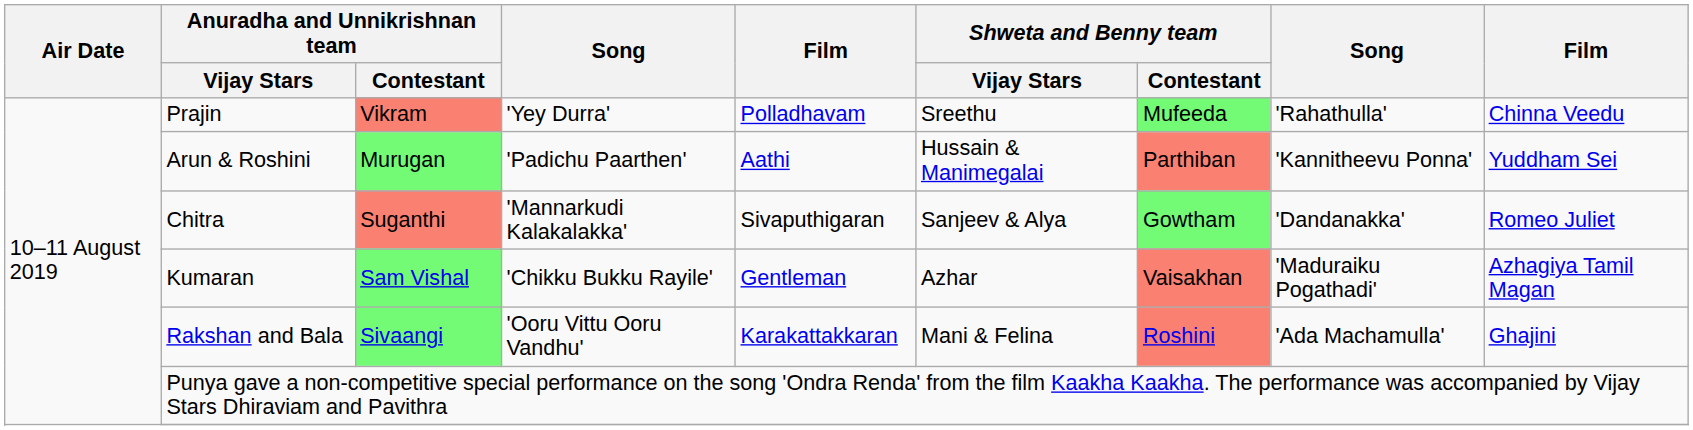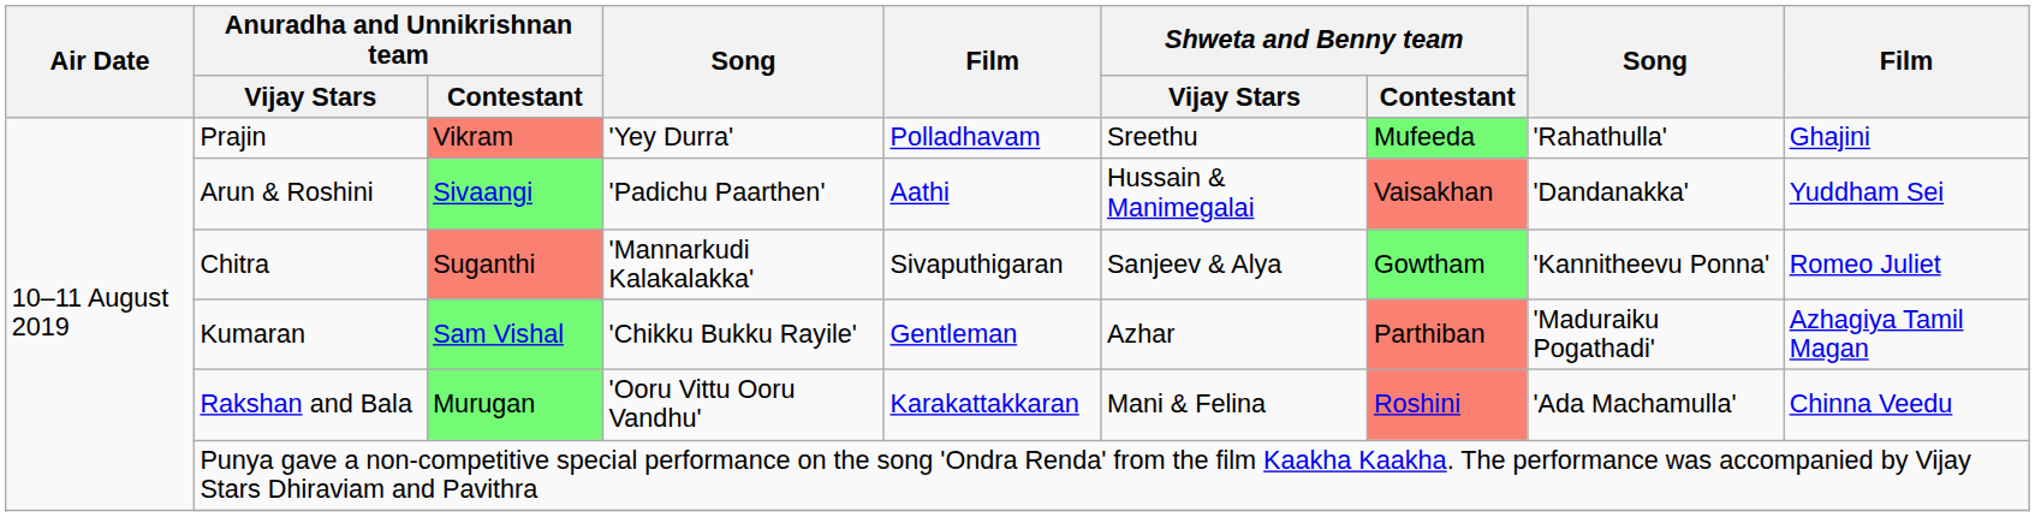 <table class="wikitable sortable">
 <tr>
 <th rowspan="2">Air Date</th>
 <th colspan="2">Anuradha and Unnikrishnan team</th>
 <th rowspan="2">Song</th>
 <th rowspan="2">Film</th>
 <th colspan="2"><em>Shweta and Benny team</em></th>
 <th rowspan="2">Song</th>
 <th rowspan="2">Film</th>
 </tr>
 <tr>
 <th>Vijay Stars</th>
 <th>Contestant</th>
 <th>Vijay Stars</th>
 <th>Contestant</th>
 </tr>
 <tr>
 <td rowspan="8">10–11 August 2019</td>
 <td>Prajin</td>
 <td style="background:salmon">Vikram</td>
 <td>'Yey Durra'</td>
 <td><a href='#'>Polladhavam</a></td>
 <td>Sreethu</td>
 <td style="background:#73FB76;">Mufeeda</td>
 <td>'Rahathulla'</td>
-<td><a href='#'>Chinna Veedu</a></td>
+<td><a href='#'>Ghajini</a></td>
 </tr>
 <tr>
 <td>Arun & Roshini</td>
-<td style="background:#73FB76;">Murugan</td>
+<td style="background:#73FB76;"><a href='#'>Sivaangi</a></td>
 <td>'Padichu Paarthen'</td>
 <td><a href='#'>Aathi</a></td>
 <td>Hussain & <a href='#'>Manimegalai</a></td>
-<td style="background:salmon">Parthiban</td>
-<td>'Kannitheevu Ponna'</td>
+<td style="background:salmon">Vaisakhan</td>
+<td>'Dandanakka'</td>
 <td><a href='#'>Yuddham Sei</a></td>
 </tr>
 <tr>
 <td>Chitra</td>
 <td style="background:salmon">Suganthi</td>
 <td>'Mannarkudi Kalakalakka'</td>
 <td>Sivaputhigaran</td>
 <td>Sanjeev & Alya</td>
 <td style="background:#73FB76;">Gowtham</td>
-<td>'Dandanakka'</td>
+<td>'Kannitheevu Ponna'</td>
 <td><a href='#'>Romeo Juliet</a></td>
 </tr>
 <tr>
 <td>Kumaran</td>
 <td style="background:#73FB76;"><a href='#'>Sam Vishal</a></td>
 <td>'Chikku Bukku Rayile'</td>
 <td><a href='#'>Gentleman</a></td>
 <td>Azhar</td>
-<td style="background:salmon">Vaisakhan</td>
+<td style="background:salmon">Parthiban</td>
 <td>'Maduraiku Pogathadi'</td>
 <td><a href='#'>Azhagiya Tamil Magan</a></td>
 </tr>
 <tr>
 <td><a href='#'>Rakshan</a> and Bala</td>
-<td style="background:#73FB76;"><a href='#'>Sivaangi</a></td>
+<td style="background:#73FB76;">Murugan</td>
 <td>'Ooru Vittu Ooru Vandhu'</td>
 <td><a href='#'>Karakattakkaran</a></td>
 <td>Mani & Felina</td>
 <td style="background:salmon"><a href='#'>Roshini</a></td>
 <td>'Ada Machamulla'</td>
-<td><a href='#'>Ghajini</a></td>
+<td><a href='#'>Chinna Veedu</a></td>
 </tr>
 <tr>
 <td colspan="8">Punya gave a non-competitive special performance on the song 'Ondra Renda' from the film <a href='#'>Kaakha Kaakha</a>. The performance was accompanied by Vijay Stars Dhiraviam and Pavithra</td>
 </tr>
 <tr>
 </tr>
 </table>
